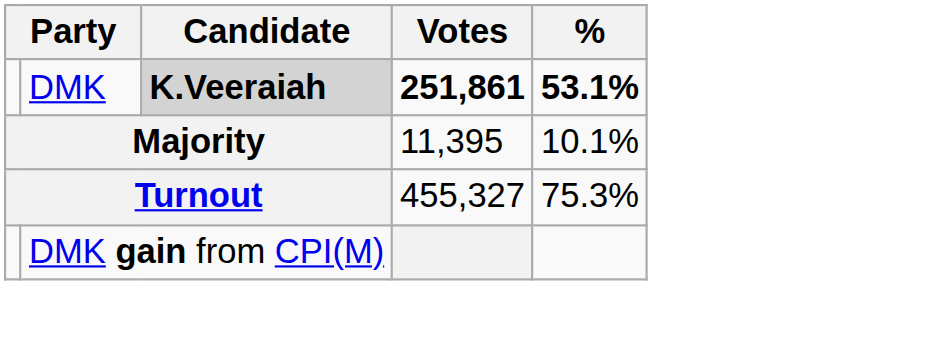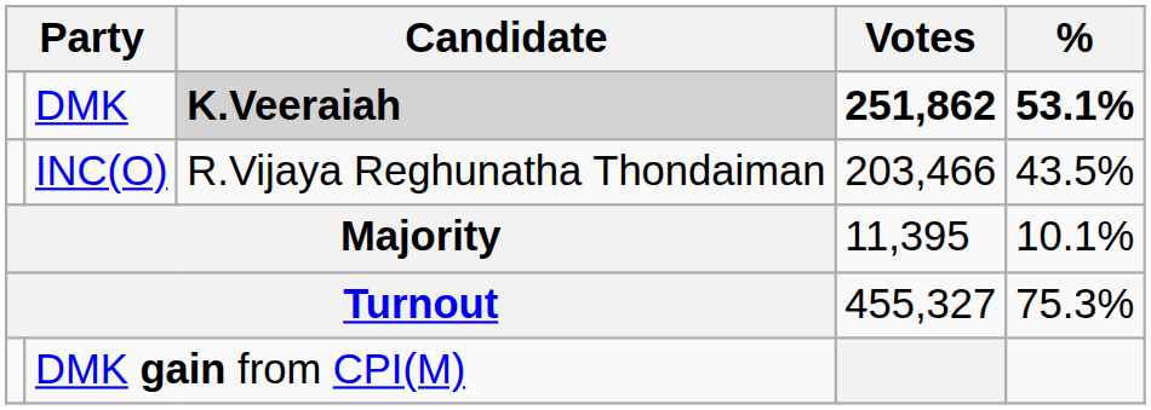 <table class="wikitable">
 <tr>
 <th colspan="2">Party</th>
 <th>Candidate</th>
 <th>Votes</th>
 <th>%</th>
 </tr>
 <tr>
 <td></td>
 <td><a href='#'>DMK</a></td>
 <td style="background: lightgrey;"><strong>K.Veeraiah</strong></td>
-<td><strong>251,861</strong></td>
+<td><strong>251,862</strong></td>
 <td><strong>53.1%</strong></td>
+</tr>
+<tr>
+<td></td>
+<td><a href='#'>INC(O)</a></td>
+<td>R.Vijaya Reghunatha Thondaiman</td>
+<td>203,466</td>
+<td>43.5%</td>
 </tr>
 <tr>
 <th colspan="3">Majority</th>
 <td>11,395</td>
 <td>10.1%</td>
 </tr>
 <tr>
 <th colspan="3"><a href='#'>Turnout</a></th>
 <td>455,327</td>
 <td>75.3%</td>
 </tr>
 <tr>
 <td></td>
 <td colspan="2"><a href='#'>DMK</a> <strong>gain</strong> from <a href='#'>CPI(M)</a></td>
 <th></th>
 <td></td>
 </tr>
 </table>
